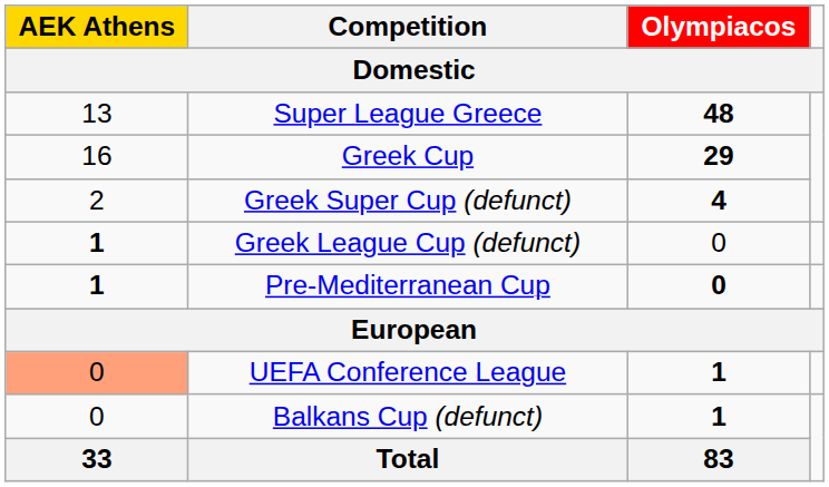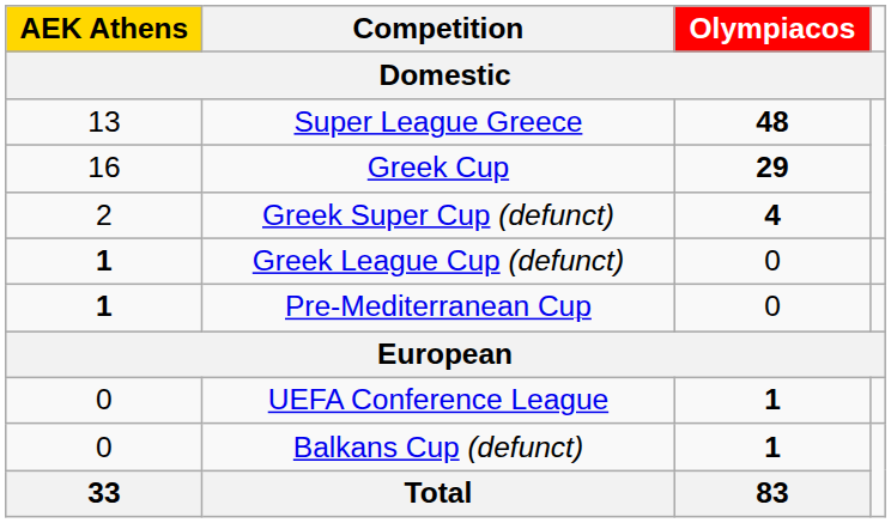 <table class="wikitable" style="text-align:center;font-size:100%">
 <tr>
 <th width="100" style="color:black;background:#ffd700">AEK Athens</th>
 <th width="250">Competition</th>
 <th width="100" style="color:white;background:#ff0000">Olympiacos</th>
 </tr>
 <tr>
 <th colspan="4">Domestic</th>
 </tr>
 <tr>
 <td>13</td>
 <td><a href='#'>Super League Greece</a></td>
 <td><strong>48</strong></td>
 </tr>
 <tr>
 <td>16</td>
 <td><a href='#'>Greek Cup</a></td>
 <td><strong>29</strong></td>
 </tr>
 <tr>
 <td>2</td>
 <td><a href='#'>Greek Super Cup</a> <em>(defunct)</em></td>
 <td><strong>4</strong></td>
 </tr>
 <tr>
 <td><strong>1</strong></td>
 <td><a href='#'>Greek League Cup</a> <em>(defunct)</em></td>
 <td>0</td>
 <td></td>
 </tr>
 <tr>
 <td><strong>1</strong></td>
 <td><a href='#'>Pre-Mediterranean Cup</a></td>
-<td><strong>0</strong></td>
+<td>0</td>
 <td></td>
 </tr>
 <tr>
 <th colspan="4">European</th>
 </tr>
 <tr>
-<td style="background: lightsalmon;">0</td>
+<td>0</td>
 <td><a href='#'>UEFA Conference League</a></td>
 <td><strong>1</strong></td>
 <td></td>
 </tr>
 <tr>
 <td>0</td>
 <td><a href='#'>Balkans Cup</a> <em>(defunct)</em></td>
 <td><strong>1</strong></td>
 </tr>
 <tr>
 <th>33</th>
 <th>Total</th>
 <th>83</th>
 </tr>
 </table>
